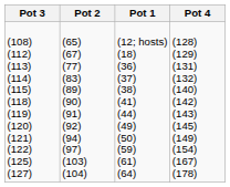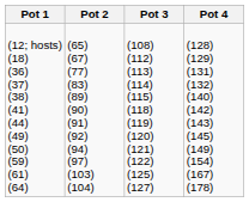 <table class="wikitable">
 <tr>
+<th width=25%>Pot 1</th>
+<th width=25%>Pot 2</th>
 <th width=25%>Pot 3</th>
-<th width=25%>Pot 2</th>
-<th width=25%>Pot 1</th>
 <th width=25%>Pot 4</th>
 </tr>
 <tr>
+<td><br><strong></strong> (12; hosts)<br> <strong></strong> (18)<br> <strong></strong> (36)<br> <strong></strong> (37)<br> <strong></strong> (38)<br> <strong></strong> (41)<br> <strong></strong> (44)<br> <strong></strong> (49)<br> <strong></strong> (50)<br> <strong></strong> (59)<br> <strong></strong> (61)<br>  (64)</td>
+<td><br> (65)<br> <strong></strong> (67)<br>  (77)<br> <strong></strong> (83)<br> <strong></strong> (89)<br> <strong></strong> (90)<br> <strong></strong> (91)<br> <strong></strong> (92)<br> <strong></strong> (94)<br>  (97)<br> <strong></strong> (103)<br>  (104)</td>
 <td><br> (108)<br>  (112)<br>  (113)<br> <strong></strong> (114)<br>  (115)<br>  (118)<br> <strong></strong> (119)<br>  (120)<br> <strong></strong> (121)<br>  (122)<br>  (125)<br>  (127)</td>
-<td><br> (65)<br> <strong></strong> (67)<br>  (77)<br> <strong></strong> (83)<br> <strong></strong> (89)<br> <strong></strong> (90)<br> <strong></strong> (91)<br> <strong></strong> (92)<br> <strong></strong> (94)<br>  (97)<br> <strong></strong> (103)<br>  (104)</td>
-<td><br><strong></strong> (12; hosts)<br> <strong></strong> (18)<br> <strong></strong> (36)<br> <strong></strong> (37)<br> <strong></strong> (38)<br> <strong></strong> (41)<br> <strong></strong> (44)<br> <strong></strong> (49)<br> <strong></strong> (50)<br> <strong></strong> (59)<br> <strong></strong> (61)<br>  (64)</td>
 <td><br> (128)<br> <strong></strong> (129)<br>  (131)<br>  (132)<br>  (140)<br>  (142)<br>  (143)<br> <strong></strong> (145)<br>  (149)<br>  (154)<br>  (167)<br>  (178)</td>
 </tr>
 </table>
